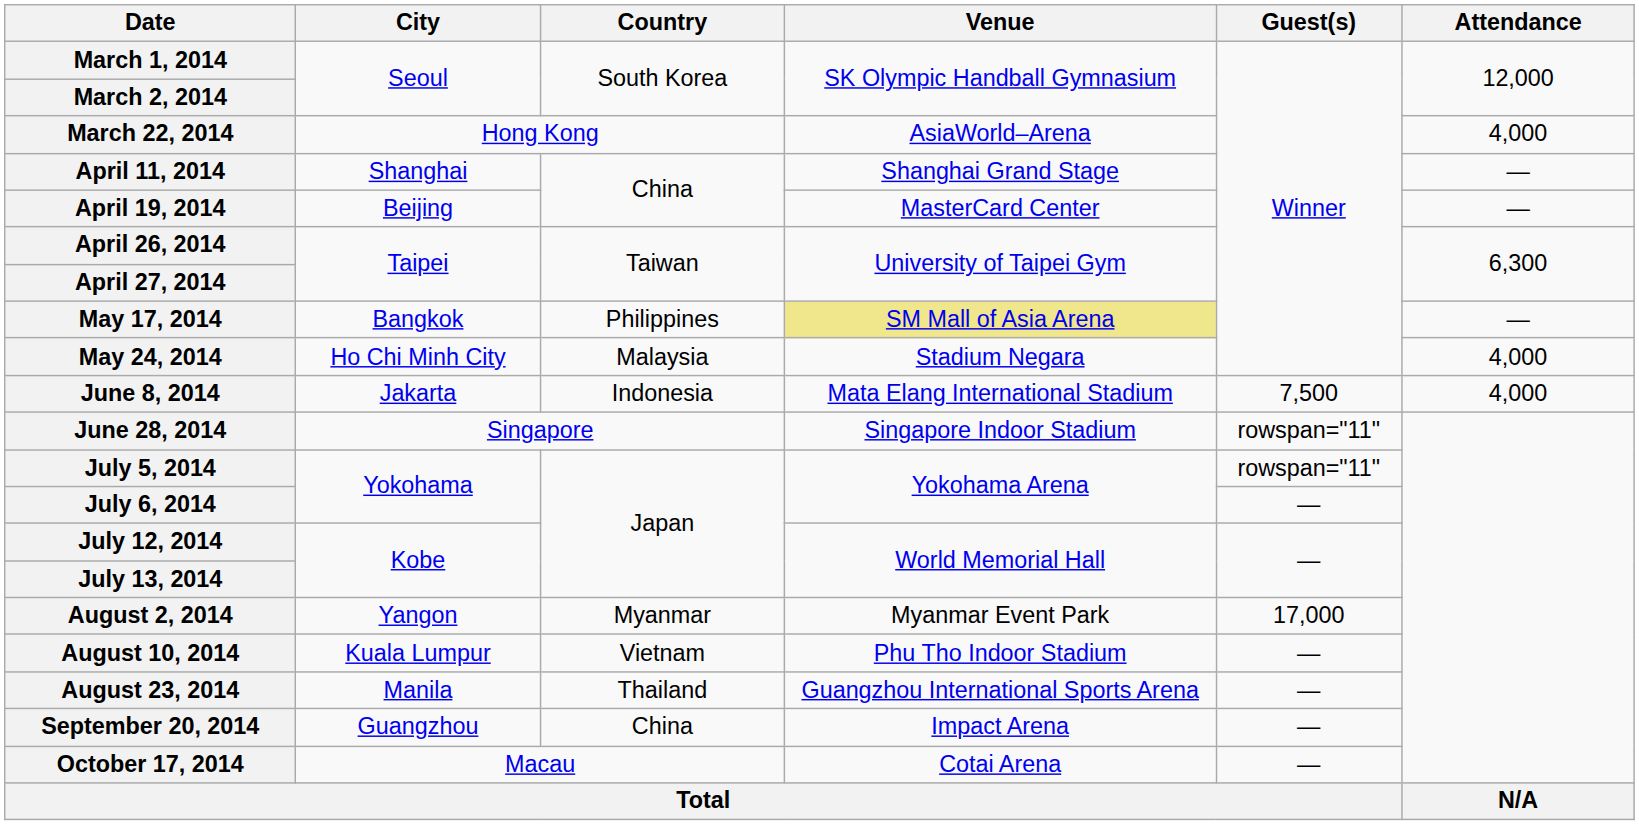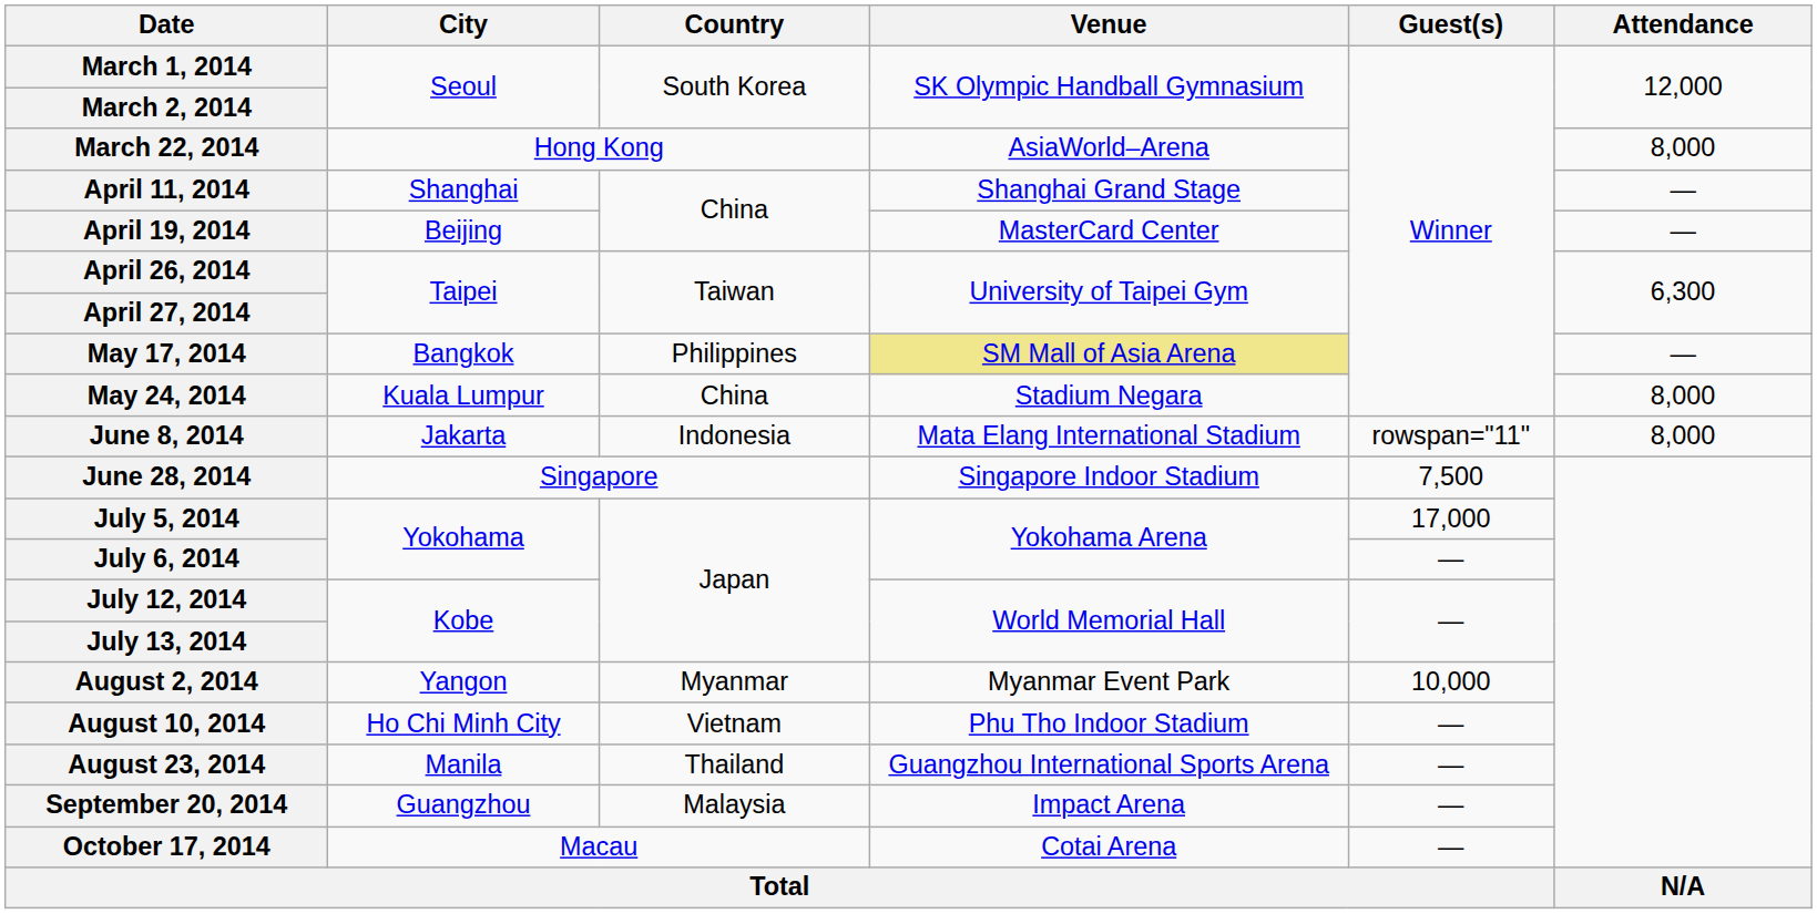 <table class="wikitable plainrowheaders" style="text-align:center;">
 <tr>
 <th scope="col" style="width:12em;">Date</th>
 <th scope="col" style="width:10em;">City</th>
 <th scope="col" style="width:10em;">Country</th>
 <th scope="col" style="width:18em;">Venue</th>
 <th scope="col" style="width:7.5em;">Guest(s)</th>
 <th scope="col" style="width:9.5em;">Attendance</th>
 </tr>
 <tr>
 <th scope="row" style="text-align:center">March 1, 2014</th>
 <td rowspan="2"><a href='#'>Seoul</a></td>
 <td rowspan="2">South Korea</td>
 <td rowspan="2"><a href='#'>SK Olympic Handball Gymnasium</a></td>
 <td rowspan="9"><a href='#'>Winner</a></td>
 <td rowspan="2">12,000</td>
 </tr>
 <tr>
 <th scope="row" style="text-align:center">March 2, 2014</th>
 </tr>
 <tr>
 <th scope="row" style="text-align:center">March 22, 2014</th>
 <td colspan="2"><a href='#'>Hong Kong</a></td>
 <td><a href='#'>AsiaWorld–Arena</a></td>
-<td>4,000</td>
+<td>8,000</td>
 </tr>
 <tr>
 <th scope="row" style="text-align:center">April 11, 2014</th>
 <td><a href='#'>Shanghai</a></td>
 <td rowspan="2">China</td>
 <td><a href='#'>Shanghai Grand Stage</a></td>
 <td>—</td>
 </tr>
 <tr>
 <th scope="row" style="text-align:center">April 19, 2014</th>
 <td><a href='#'>Beijing</a></td>
 <td><a href='#'>MasterCard Center</a></td>
 <td>—</td>
 </tr>
 <tr>
 <th scope="row" style="text-align:center">April 26, 2014</th>
 <td rowspan="2"><a href='#'>Taipei</a></td>
 <td rowspan="2">Taiwan</td>
 <td rowspan="2"><a href='#'>University of Taipei Gym</a></td>
 <td rowspan="2">6,300</td>
 </tr>
 <tr>
 <th scope="row" style="text-align:center">April 27, 2014</th>
 </tr>
 <tr>
 <th scope="row" style="text-align:center">May 17, 2014</th>
 <td><a href='#'>Bangkok</a></td>
 <td>Philippines</td>
 <td style="background: khaki;"><a href='#'>SM Mall of Asia Arena</a></td>
 <td>—</td>
 </tr>
 <tr>
 <th scope="row" style="text-align:center">May 24, 2014</th>
-<td><a href='#'>Ho Chi Minh City</a></td>
-<td>Malaysia</td>
+<td><a href='#'>Kuala Lumpur</a></td>
+<td>China</td>
 <td><a href='#'>Stadium Negara</a></td>
-<td>4,000</td>
+<td>8,000</td>
 </tr>
 <tr>
 <th scope="row" style="text-align:center">June 8, 2014</th>
 <td><a href='#'>Jakarta</a></td>
 <td>Indonesia</td>
 <td><a href='#'>Mata Elang International Stadium</a></td>
-<td>7,500</td>
-<td>4,000</td>
+<td>rowspan="11" </td>
+<td>8,000</td>
 </tr>
 <tr>
 <th scope="row" style="text-align:center">June 28, 2014</th>
 <td colspan="2"><a href='#'>Singapore</a></td>
 <td><a href='#'>Singapore Indoor Stadium</a></td>
-<td>rowspan="11" </td>
+<td>7,500</td>
 </tr>
 <tr>
 <th scope="row" style="text-align:center">July 5, 2014</th>
 <td rowspan="2"><a href='#'>Yokohama</a></td>
 <td rowspan="4">Japan</td>
 <td rowspan="2"><a href='#'>Yokohama Arena</a></td>
-<td>rowspan="11" </td>
+<td rowspan="1">17,000</td>
 </tr>
 <tr>
 <th scope="row" style="text-align:center">July 6, 2014</th>
 <td>—</td>
 </tr>
 <tr>
 <th scope="row" style="text-align:center">July 12, 2014</th>
 <td rowspan="2"><a href='#'>Kobe</a></td>
 <td rowspan="2"><a href='#'>World Memorial Hall</a></td>
 <td rowspan="2">—</td>
 </tr>
 <tr>
 <th scope="row" style="text-align:center">July 13, 2014</th>
 </tr>
 <tr>
 <th scope="row" style="text-align:center">August 2, 2014</th>
 <td><a href='#'>Yangon</a></td>
 <td>Myanmar</td>
 <td>Myanmar Event Park</td>
-<td rowspan="1">17,000</td>
+<td>10,000</td>
 </tr>
 <tr>
 <th scope="row" style="text-align:center">August 10, 2014</th>
-<td><a href='#'>Kuala Lumpur</a></td>
+<td><a href='#'>Ho Chi Minh City</a></td>
 <td>Vietnam</td>
 <td><a href='#'>Phu Tho Indoor Stadium</a></td>
 <td>—</td>
 </tr>
 <tr>
 <th scope="row" style="text-align:center">August 23, 2014</th>
 <td><a href='#'>Manila</a></td>
 <td>Thailand</td>
 <td><a href='#'>Guangzhou International Sports Arena</a></td>
 <td>—</td>
 </tr>
 <tr>
 <th scope="row" style="text-align:center">September 20, 2014</th>
 <td><a href='#'>Guangzhou</a></td>
-<td>China</td>
+<td>Malaysia</td>
 <td><a href='#'>Impact Arena</a></td>
 <td>—</td>
 </tr>
 <tr>
 <th scope="row" style="text-align:center">October 17, 2014</th>
 <td colspan="2"><a href='#'>Macau</a></td>
 <td><a href='#'>Cotai Arena</a></td>
 <td>—</td>
 </tr>
 <tr>
 <th colspan="5">Total</th>
 <th>N/A</th>
 </tr>
 </table>
